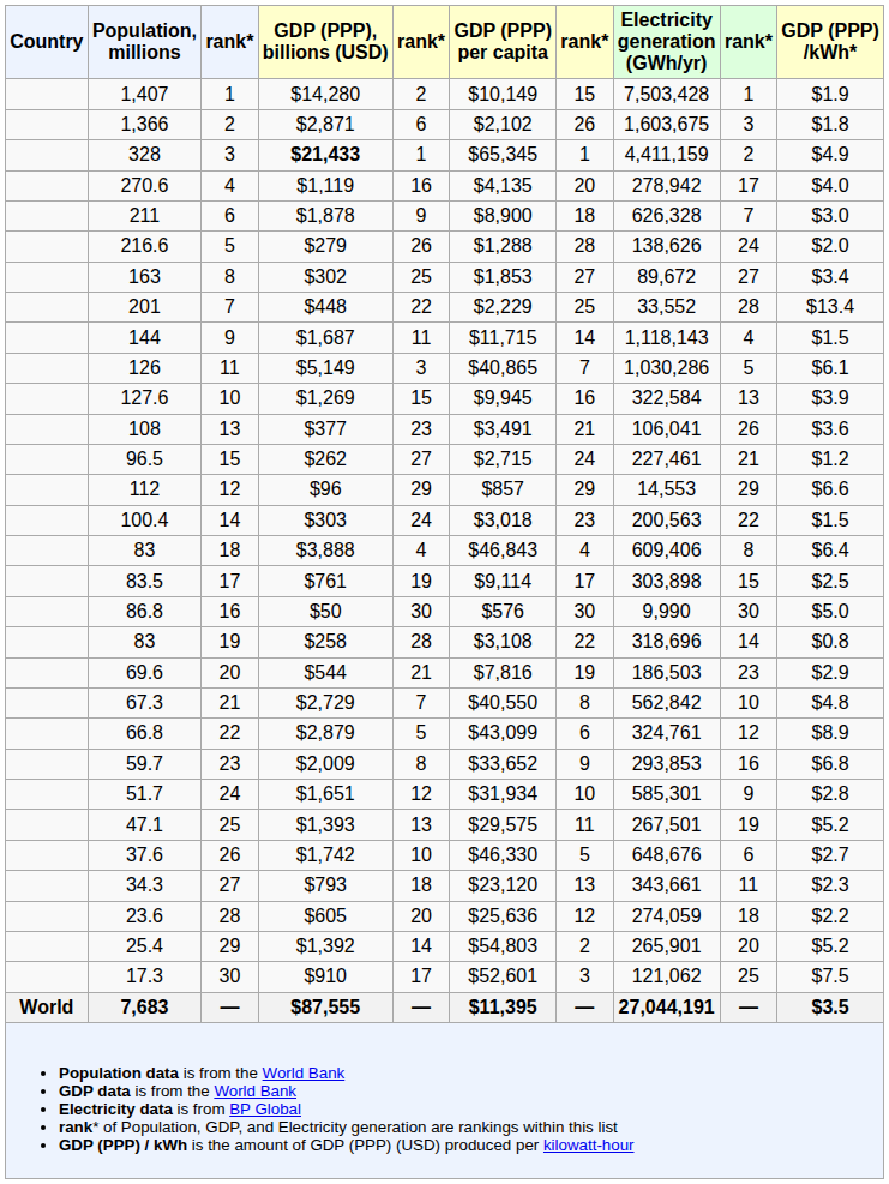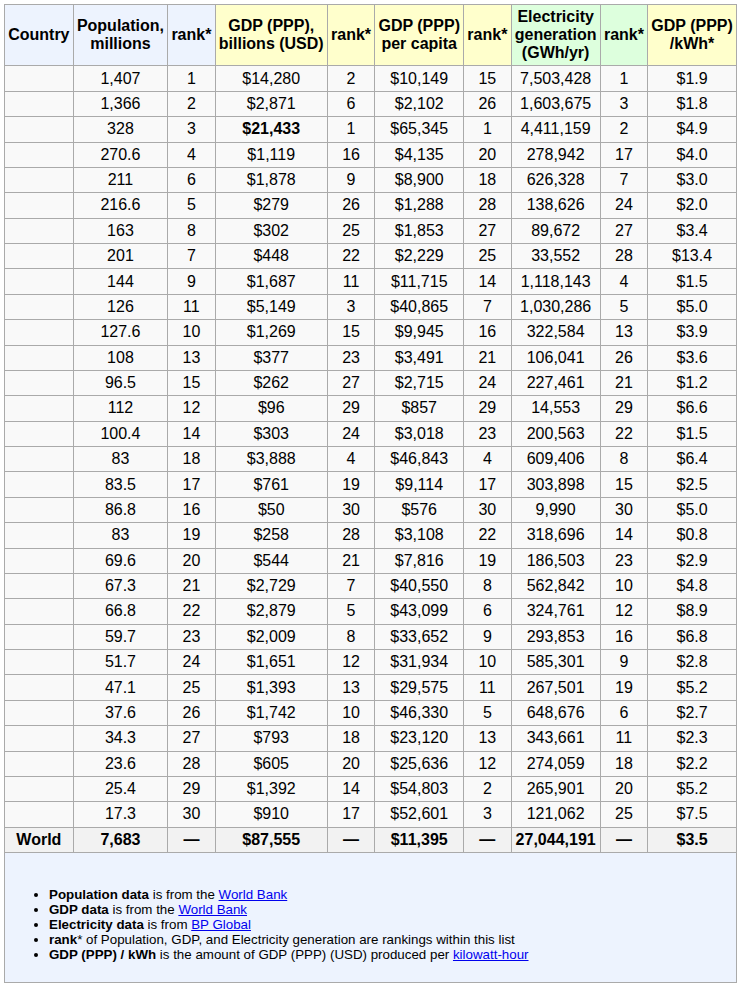 <table class="wikitable sortable" style="text-align: center;">
 <tr bgcolor="#ececec">
 <th style="background-color: #edf3fe">Country</th>
 <th style="background-color: #edf3fe">Population, <br>millions</th>
 <th style="background-color: #edf3fe" data-sort-type="number">rank*</th>
 <th style="background-color: #ffc;">GDP (PPP),<br>billions (USD)</th>
 <th style="background-color: #ffc;" data-sort-type="number">rank*</th>
 <th style="background-color: #ffc;">GDP (PPP) <br>per capita</th>
 <th style="background-color: #ffc;" data-sort-type="number">rank*</th>
 <th style="background-color: #dfd;">Electricity <br>generation <br>(GWh/yr)</th>
 <th style="background-color: #dfd;" data-sort-type="number">rank*</th>
 <th style="background-color: #ffc;">GDP (PPP) <br>/kWh*</th>
 </tr>
 <tr>
 <td align=left></td>
 <td>1,407</td>
 <td>1</td>
 <td>$14,280</td>
 <td>2</td>
 <td>$10,149</td>
 <td>15</td>
 <td>7,503,428</td>
 <td>1</td>
 <td>$1.9</td>
 </tr>
 <tr>
 <td align=left></td>
 <td>1,366</td>
 <td>2</td>
 <td>$2,871</td>
 <td>6</td>
 <td>$2,102</td>
 <td>26</td>
 <td>1,603,675</td>
 <td>3</td>
 <td>$1.8</td>
 </tr>
 <tr>
 <td align=left></td>
 <td>328</td>
 <td>3</td>
 <td><strong>$21,433</strong></td>
 <td>1</td>
 <td>$65,345</td>
 <td>1</td>
 <td>4,411,159</td>
 <td>2</td>
 <td>$4.9</td>
 </tr>
 <tr>
 <td align=left></td>
 <td>270.6</td>
 <td>4</td>
 <td>$1,119</td>
 <td>16</td>
 <td>$4,135</td>
 <td>20</td>
 <td>278,942</td>
 <td>17</td>
 <td>$4.0</td>
 </tr>
 <tr>
 <td align=left></td>
 <td>211</td>
 <td>6</td>
 <td>$1,878</td>
 <td>9</td>
 <td>$8,900</td>
 <td>18</td>
 <td>626,328</td>
 <td>7</td>
 <td>$3.0</td>
 </tr>
 <tr>
 <td align=left></td>
 <td>216.6</td>
 <td>5</td>
 <td>$279</td>
 <td>26</td>
 <td>$1,288</td>
 <td>28</td>
 <td>138,626</td>
 <td>24</td>
 <td>$2.0</td>
 </tr>
 <tr>
 <td align=left></td>
 <td>163</td>
 <td>8</td>
 <td>$302</td>
 <td>25</td>
 <td>$1,853</td>
 <td>27</td>
 <td>89,672</td>
 <td>27</td>
 <td>$3.4</td>
 </tr>
 <tr>
 <td align=left></td>
 <td>201</td>
 <td>7</td>
 <td>$448</td>
 <td>22</td>
 <td>$2,229</td>
 <td>25</td>
 <td>33,552</td>
 <td>28</td>
 <td>$13.4</td>
 </tr>
 <tr>
 <td align=left></td>
 <td>144</td>
 <td>9</td>
 <td>$1,687</td>
 <td>11</td>
 <td>$11,715</td>
 <td>14</td>
 <td>1,118,143</td>
 <td>4</td>
 <td>$1.5</td>
 </tr>
 <tr>
 <td align=left></td>
 <td>126</td>
 <td>11</td>
 <td>$5,149</td>
 <td>3</td>
 <td>$40,865</td>
 <td>7</td>
 <td>1,030,286</td>
 <td>5</td>
-<td>$6.1</td>
+<td>$5.0</td>
 </tr>
 <tr>
 <td align=left></td>
 <td>127.6</td>
 <td>10</td>
 <td>$1,269</td>
 <td>15</td>
 <td>$9,945</td>
 <td>16</td>
 <td>322,584</td>
 <td>13</td>
 <td>$3.9</td>
 </tr>
 <tr>
 <td align=left></td>
 <td>108</td>
 <td>13</td>
 <td>$377</td>
 <td>23</td>
 <td>$3,491</td>
 <td>21</td>
 <td>106,041</td>
 <td>26</td>
 <td>$3.6</td>
 </tr>
 <tr>
 <td align=left></td>
 <td>96.5</td>
 <td>15</td>
 <td>$262</td>
 <td>27</td>
 <td>$2,715</td>
 <td>24</td>
 <td>227,461</td>
 <td>21</td>
 <td>$1.2</td>
 </tr>
 <tr>
 <td align=left></td>
 <td>112</td>
 <td>12</td>
 <td>$96</td>
 <td>29</td>
 <td>$857</td>
 <td>29</td>
 <td>14,553</td>
 <td>29</td>
 <td>$6.6</td>
 </tr>
 <tr>
 <td align=left></td>
 <td>100.4</td>
 <td>14</td>
 <td>$303</td>
 <td>24</td>
 <td>$3,018</td>
 <td>23</td>
 <td>200,563</td>
 <td>22</td>
 <td>$1.5</td>
 </tr>
 <tr>
 <td align=left></td>
 <td>83</td>
 <td>18</td>
 <td>$3,888</td>
 <td>4</td>
 <td>$46,843</td>
 <td>4</td>
 <td>609,406</td>
 <td>8</td>
 <td>$6.4</td>
 </tr>
 <tr>
 <td align=left></td>
 <td>83.5</td>
 <td>17</td>
 <td>$761</td>
 <td>19</td>
 <td>$9,114</td>
 <td>17</td>
 <td>303,898</td>
 <td>15</td>
 <td>$2.5</td>
 </tr>
 <tr>
 <td align=left></td>
 <td>86.8</td>
 <td>16</td>
 <td>$50</td>
 <td>30</td>
 <td>$576</td>
 <td>30</td>
 <td>9,990</td>
 <td>30</td>
 <td>$5.0</td>
 </tr>
 <tr>
 <td align=left></td>
 <td>83</td>
 <td>19</td>
 <td>$258</td>
 <td>28</td>
 <td>$3,108</td>
 <td>22</td>
 <td>318,696</td>
 <td>14</td>
 <td>$0.8</td>
 </tr>
 <tr>
 <td align=left></td>
 <td>69.6</td>
 <td>20</td>
 <td>$544</td>
 <td>21</td>
 <td>$7,816</td>
 <td>19</td>
 <td>186,503</td>
 <td>23</td>
 <td>$2.9</td>
 </tr>
 <tr>
 <td align=left></td>
 <td>67.3</td>
 <td>21</td>
 <td>$2,729</td>
 <td>7</td>
 <td>$40,550</td>
 <td>8</td>
 <td>562,842</td>
 <td>10</td>
 <td>$4.8</td>
 </tr>
 <tr>
 <td align=left></td>
 <td>66.8</td>
 <td>22</td>
 <td>$2,879</td>
 <td>5</td>
 <td>$43,099</td>
 <td>6</td>
 <td>324,761</td>
 <td>12</td>
 <td>$8.9</td>
 </tr>
 <tr>
 <td align=left></td>
 <td>59.7</td>
 <td>23</td>
 <td>$2,009</td>
 <td>8</td>
 <td>$33,652</td>
 <td>9</td>
 <td>293,853</td>
 <td>16</td>
 <td>$6.8</td>
 </tr>
 <tr>
 <td align=left></td>
 <td>51.7</td>
 <td>24</td>
 <td>$1,651</td>
 <td>12</td>
 <td>$31,934</td>
 <td>10</td>
 <td>585,301</td>
 <td>9</td>
 <td>$2.8</td>
 </tr>
 <tr>
 <td align=left></td>
 <td>47.1</td>
 <td>25</td>
 <td>$1,393</td>
 <td>13</td>
 <td>$29,575</td>
 <td>11</td>
 <td>267,501</td>
 <td>19</td>
 <td>$5.2</td>
 </tr>
 <tr>
 <td align=left></td>
 <td>37.6</td>
 <td>26</td>
 <td>$1,742</td>
 <td>10</td>
 <td>$46,330</td>
 <td>5</td>
 <td>648,676</td>
 <td>6</td>
 <td>$2.7</td>
 </tr>
 <tr>
 <td align=left></td>
 <td>34.3</td>
 <td>27</td>
 <td>$793</td>
 <td>18</td>
 <td>$23,120</td>
 <td>13</td>
 <td>343,661</td>
 <td>11</td>
 <td>$2.3</td>
 </tr>
 <tr>
 <td align=left></td>
 <td>23.6</td>
 <td>28</td>
 <td>$605</td>
 <td>20</td>
 <td>$25,636</td>
 <td>12</td>
 <td>274,059</td>
 <td>18</td>
 <td>$2.2</td>
 </tr>
 <tr>
 <td align=left></td>
 <td>25.4</td>
 <td>29</td>
 <td>$1,392</td>
 <td>14</td>
 <td>$54,803</td>
 <td>2</td>
 <td>265,901</td>
 <td>20</td>
 <td>$5.2</td>
 </tr>
 <tr>
 <td align=left></td>
 <td>17.3</td>
 <td>30</td>
 <td>$910</td>
 <td>17</td>
 <td>$52,601</td>
 <td>3</td>
 <td>121,062</td>
 <td>25</td>
 <td>$7.5</td>
 </tr>
 <tr>
 <th>World</th>
 <th>7,683</th>
 <th>—</th>
 <th>$87,555</th>
 <th>—</th>
 <th>$11,395</th>
 <th>—</th>
 <th>27,044,191</th>
 <th>—</th>
 <th>$3.5</th>
 </tr>
 <tr>
 <th colspan="10" style="font-size: smaller; font-weight: normal; text-align: left; padding: 6px 4px; background-color: #edf3fe;"><br><ul><li><strong>Population data</strong> is from the <a href='#'>World Bank</a></li><li><strong>GDP data</strong> is from the <a href='#'>World Bank</a></li><li><strong>Electricity data</strong> is from <a href='#'>BP Global</a></li><li><strong>rank</strong>* of Population, GDP, and Electricity generation are rankings within this list</li><li><strong>GDP (PPP) / kWh</strong> is the amount of GDP (PPP) (USD) produced per <a href='#'>kilowatt-hour</a></li></ul></th>
 </tr>
 </table>
